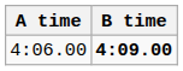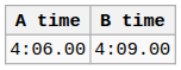 <table class="wikitable" border="1" align="upright">
 <tr>
 <th>A time</th>
 <th>B time</th>
 </tr>
 <tr>
 <td>4:06.00</td>
-<td><strong>4:09.00</strong></td>
+<td>4:09.00</td>
 </tr>
 </table>
